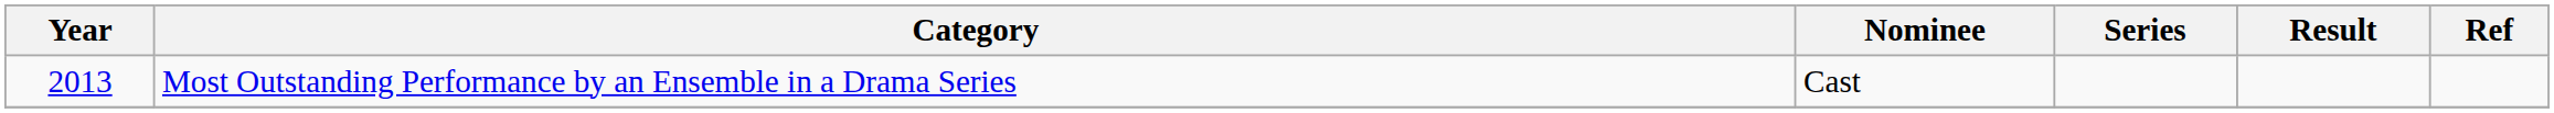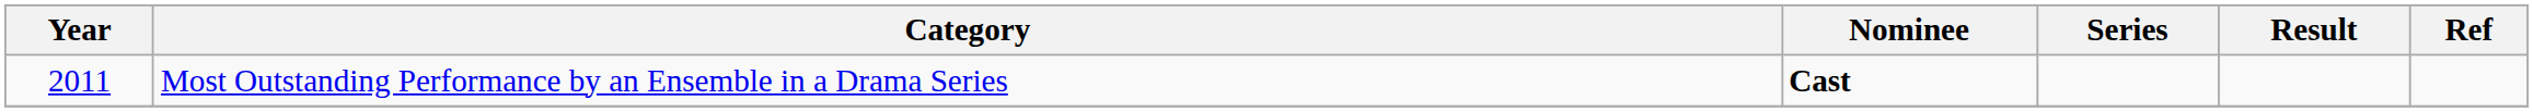 <table class="wikitable" width=80%>
 <tr>
 <th>Year</th>
 <th>Category</th>
 <th>Nominee</th>
 <th>Series</th>
 <th>Result</th>
 <th>Ref</th>
 </tr>
 <tr>
-<td align="center"><a href='#'>2013</a></td>
+<td align="center"><a href='#'>2011</a></td>
 <td><a href='#'>Most Outstanding Performance by an Ensemble in a Drama Series</a></td>
-<td>Cast</td>
+<td><strong>Cast</strong></td>
 <td></td>
 <td></td>
 <td align="center"></td>
 </tr>
 <tr>
 </tr>
 </table>
